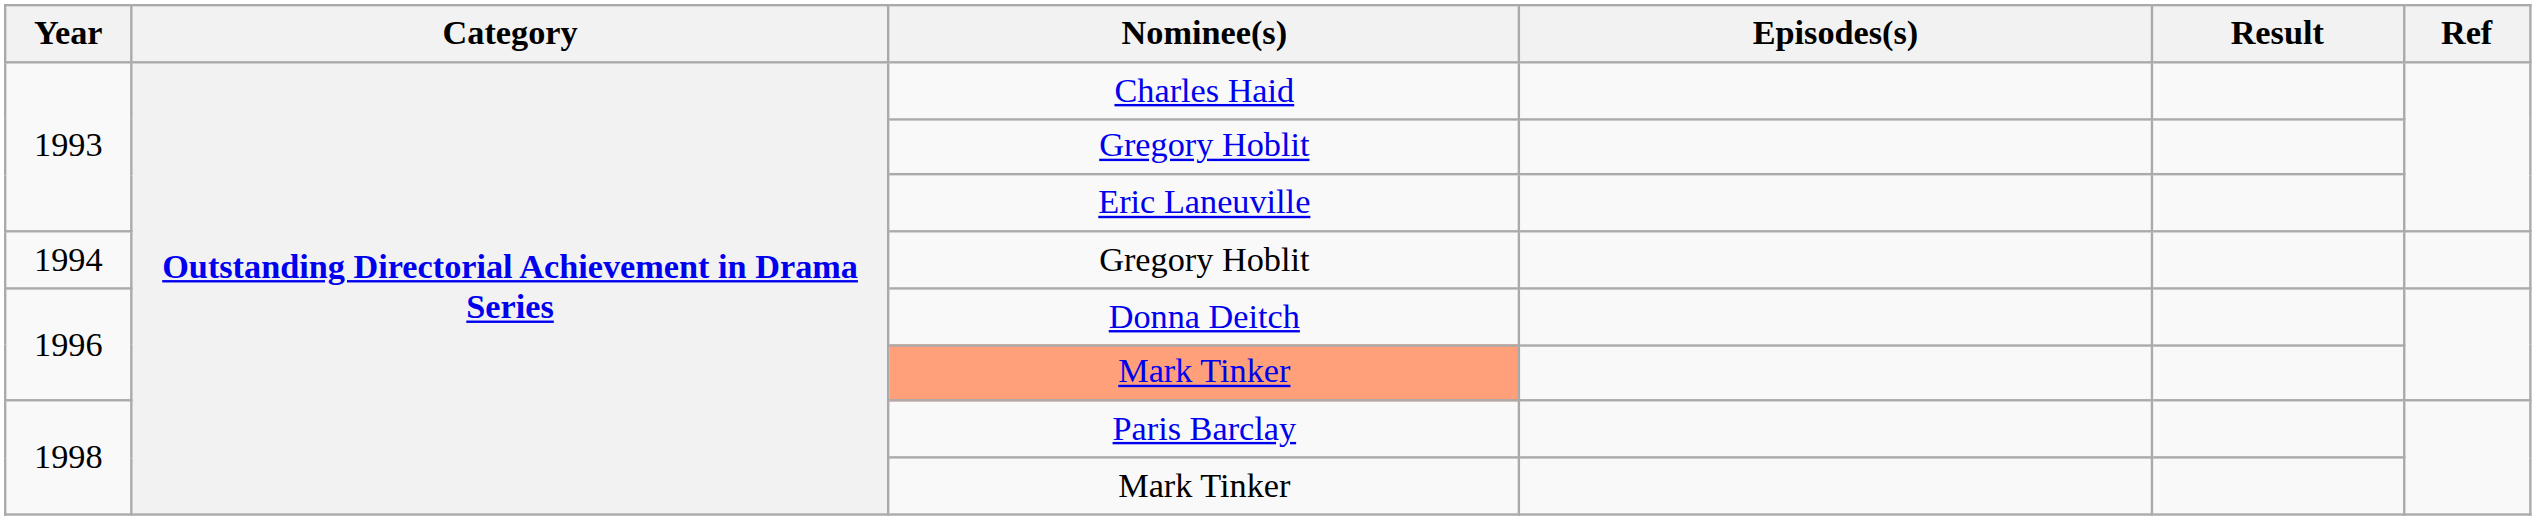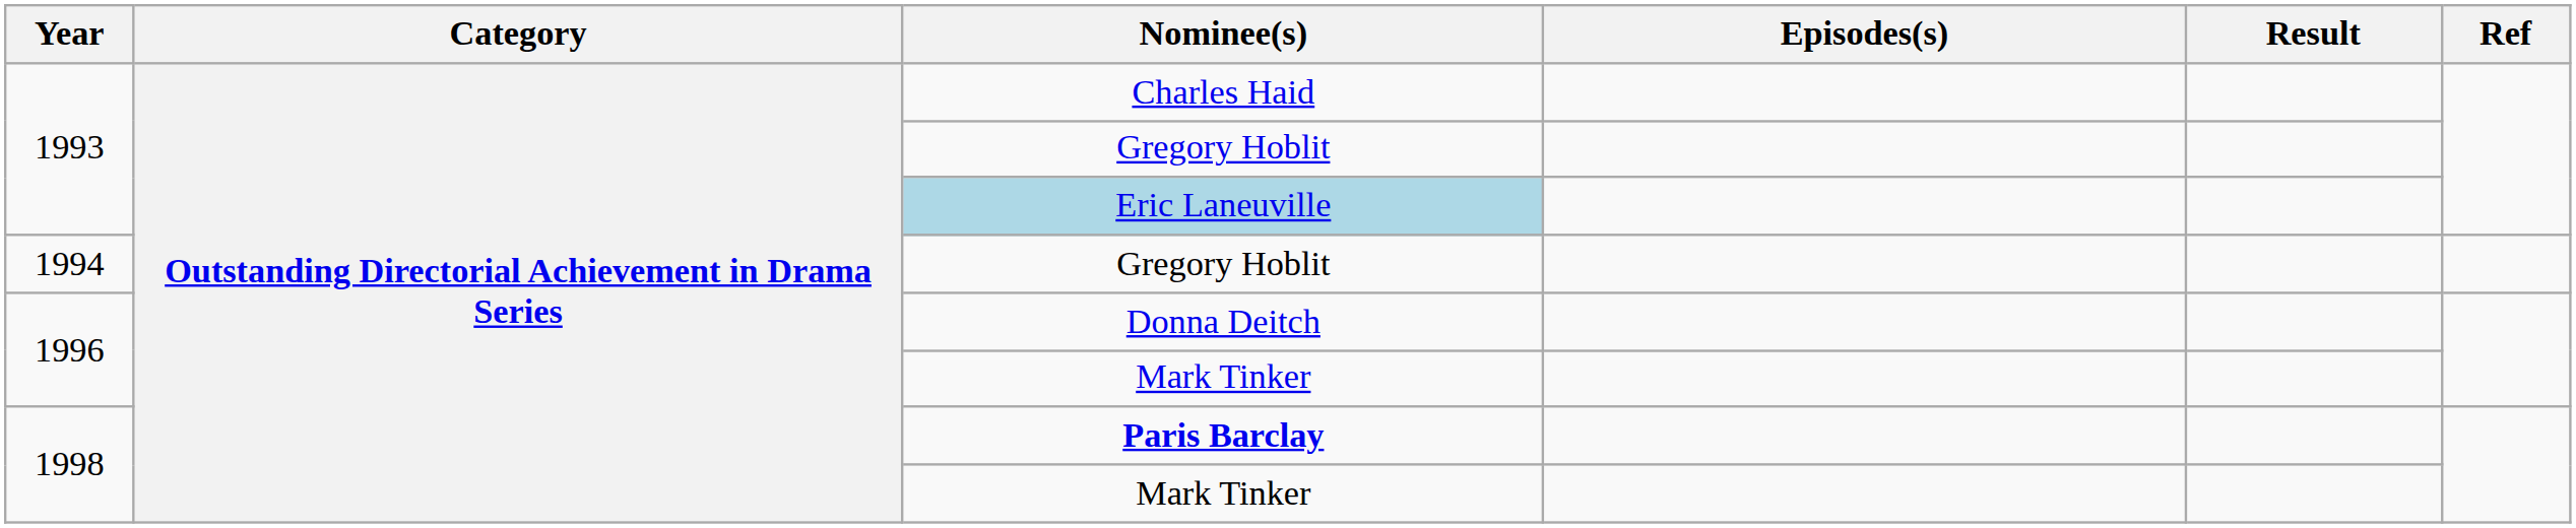 <table class="wikitable plainrowheaders" style="font-size: 90%; text-align:center" width=84%>
 <tr>
 <th scope="col" width="5%">Year</th>
 <th scope="col" width="30%">Category</th>
 <th scope="col" width="25%">Nominee(s)</th>
 <th scope="col" width="25%">Episodes(s)</th>
 <th scope="col" width="10%">Result</th>
 <th scope="col" width="5%">Ref</th>
 </tr>
 <tr>
 <td rowspan="3">1993</td>
 <th scope="row" style="text-align:center" rowspan="8"><a href='#'>Outstanding Directorial Achievement in Drama Series</a></th>
 <td><a href='#'>Charles Haid</a></td>
 <td></td>
 <td></td>
 <td rowspan="3"></td>
 </tr>
 <tr>
 <td><a href='#'>Gregory Hoblit</a></td>
 <td></td>
 <td></td>
 </tr>
 <tr>
-<td><a href='#'>Eric Laneuville</a></td>
+<td style="background: lightblue;"><a href='#'>Eric Laneuville</a></td>
 <td></td>
 <td></td>
 </tr>
 <tr>
 <td>1994</td>
 <td>Gregory Hoblit</td>
 <td></td>
 <td></td>
 <td></td>
 </tr>
 <tr>
 <td rowspan="2">1996</td>
 <td><a href='#'>Donna Deitch</a></td>
 <td></td>
 <td></td>
 <td rowspan="2"></td>
 </tr>
 <tr>
-<td style="background: lightsalmon;"><a href='#'>Mark Tinker</a></td>
+<td><a href='#'>Mark Tinker</a></td>
 <td></td>
 <td></td>
 </tr>
 <tr>
 <td rowspan="2">1998</td>
-<td><a href='#'>Paris Barclay</a></td>
+<td><strong><a href='#'>Paris Barclay</a></strong></td>
 <td></td>
 <td></td>
 <td rowspan="2"></td>
 </tr>
 <tr>
 <td>Mark Tinker</td>
 <td></td>
 <td></td>
 </tr>
 </table>
